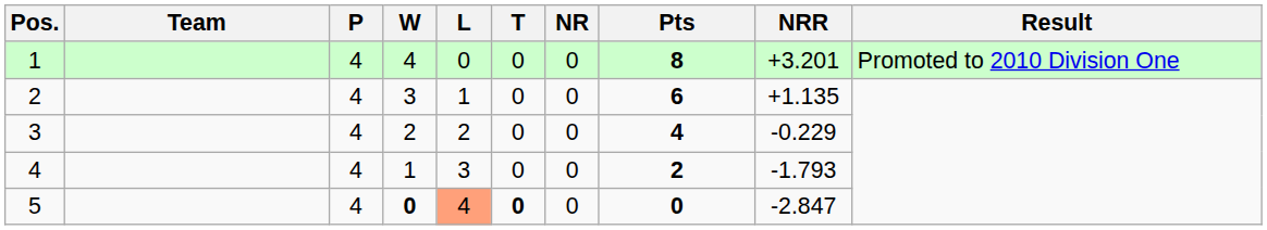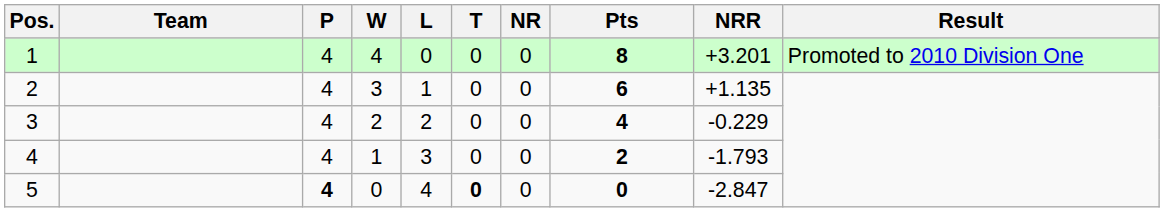 <table class="wikitable" style="text-align:center;">
 <tr>
 <th>Pos.</th>
 <th width=175>Team</th>
 <th width=30>P</th>
 <th width=30>W</th>
 <th width=30>L</th>
 <th width=30>T</th>
 <th width=30>NR</th>
 <th width=100>Pts</th>
 <th width=60>NRR</th>
 <th width=275>Result</th>
 </tr>
 <tr bgcolor=ccffcc>
 <td>1</td>
 <td align="left"></td>
 <td>4</td>
 <td>4</td>
 <td>0</td>
 <td>0</td>
 <td>0</td>
 <td><strong>8</strong></td>
 <td>+3.201</td>
 <td align="left">Promoted to <a href='#'>2010 Division One</a></td>
 </tr>
 <tr>
 <td>2</td>
 <td align="left"></td>
 <td>4</td>
 <td>3</td>
 <td>1</td>
 <td>0</td>
 <td>0</td>
 <td><strong>6</strong></td>
 <td>+1.135</td>
 <td rowspan=4></td>
 </tr>
 <tr>
 <td>3</td>
 <td align="left"></td>
 <td>4</td>
 <td>2</td>
 <td>2</td>
 <td>0</td>
 <td>0</td>
 <td><strong>4</strong></td>
 <td>-0.229</td>
 </tr>
 <tr>
 <td>4</td>
 <td align="left"></td>
 <td>4</td>
 <td>1</td>
 <td>3</td>
 <td>0</td>
 <td>0</td>
 <td><strong>2</strong></td>
 <td>-1.793</td>
 </tr>
 <tr>
 <td>5</td>
 <td align="left"></td>
+<td><strong>4</strong></td>
+<td>0</td>
 <td>4</td>
-<td><strong>0</strong></td>
-<td style="background: lightsalmon;">4</td>
 <td><strong>0</strong></td>
 <td>0</td>
 <td><strong>0</strong></td>
 <td>-2.847</td>
 </tr>
 </table>
